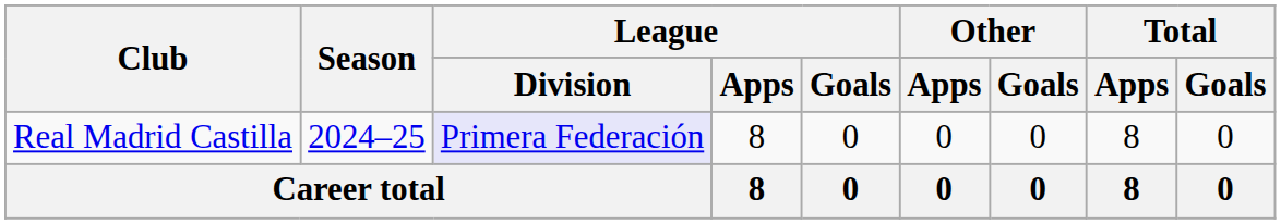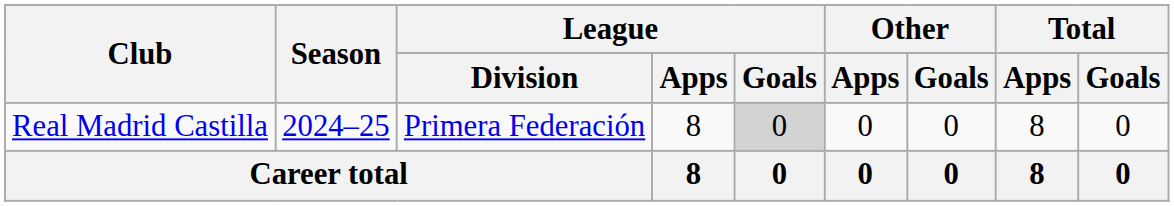 <table class="wikitable" style="text-align:center">
 <tr>
 <th rowspan="2">Club</th>
 <th rowspan="2">Season</th>
 <th colspan="3">League</th>
 <th colspan="2">Other</th>
 <th colspan="2">Total</th>
 </tr>
 <tr>
 <th>Division</th>
 <th>Apps</th>
 <th>Goals</th>
 <th>Apps</th>
 <th>Goals</th>
 <th>Apps</th>
 <th>Goals</th>
 </tr>
 <tr>
 <td><a href='#'>Real Madrid Castilla</a></td>
 <td><a href='#'>2024–25</a></td>
-<td style="background: lavender;"><a href='#'>Primera Federación</a></td>
+<td><a href='#'>Primera Federación</a></td>
 <td>8</td>
-<td>0</td>
+<td style="background: lightgrey;">0</td>
 <td>0</td>
 <td>0</td>
 <td>8</td>
 <td>0</td>
 </tr>
 <tr>
 <th colspan="3">Career total</th>
 <th>8</th>
 <th>0</th>
 <th>0</th>
 <th>0</th>
 <th>8</th>
 <th>0</th>
 </tr>
 </table>
